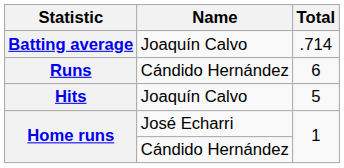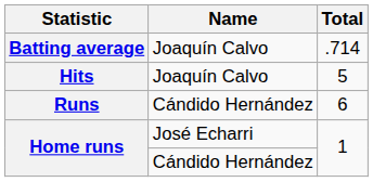 <table class="wikitable plainrowheaders">
 <tr>
 <th scope="col">Statistic</th>
 <th scope="col">Name</th>
 <th scope="col">Total</th>
 </tr>
 <tr>
 <th scope="row"><a href='#'>Batting average</a></th>
 <td> Joaquín Calvo</td>
 <td align=center>.714</td>
 </tr>
 <tr>
+<th scope="row"><a href='#'>Hits</a></th>
+<td> Joaquín Calvo</td>
+<td align=center>5</td>
+</tr>
+<tr>
 <th scope="row"><a href='#'>Runs</a></th>
 <td> Cándido Hernández</td>
 <td align=center>6</td>
-</tr>
-<tr>
-<th scope="row"><a href='#'>Hits</a></th>
-<td> Joaquín Calvo</td>
-<td align=center>5</td>
 </tr>
 <tr>
 <th scope="row" rowspan="2"><a href='#'>Home runs</a></th>
 <td> José Echarri</td>
 <td align=center rowspan="2">1</td>
 </tr>
 <tr>
 <td> Cándido Hernández</td>
 </tr>
 </table>
